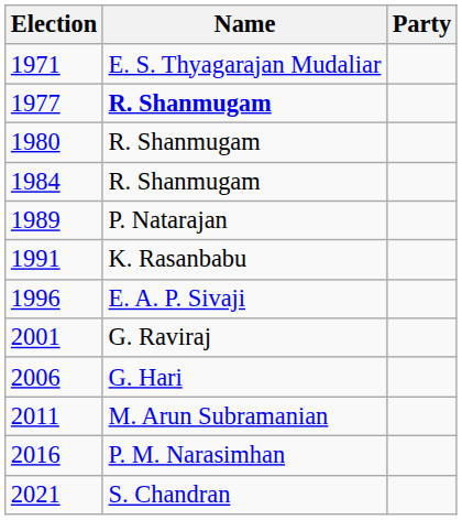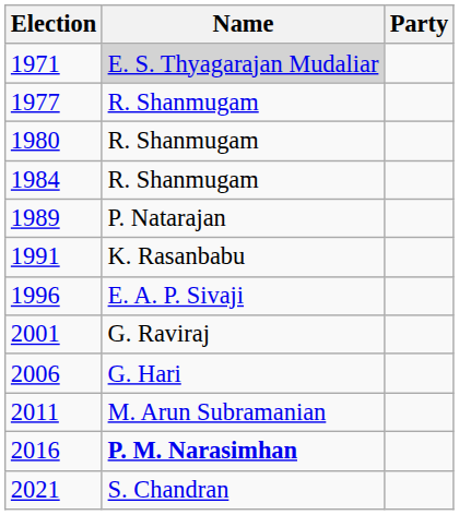 <table class="wikitable sortable">
 <tr>
 <th>Election</th>
 <th>Name</th>
 <th colspan="2">Party</th>
 </tr>
 <tr>
 <td><a href='#'>1971</a></td>
-<td><a href='#'>E. S. Thyagarajan Mudaliar</a></td>
+<td style="background: lightgrey;"><a href='#'>E. S. Thyagarajan Mudaliar</a></td>
 <td></td>
 </tr>
 <tr>
 <td><a href='#'>1977</a></td>
-<td><strong><a href='#'>R. Shanmugam</a></strong></td>
+<td><a href='#'>R. Shanmugam</a></td>
 <td></td>
 </tr>
 <tr>
 <td><a href='#'>1980</a></td>
 <td>R. Shanmugam</td>
 <td></td>
 </tr>
 <tr>
 <td><a href='#'>1984</a></td>
 <td>R. Shanmugam</td>
 <td></td>
 </tr>
 <tr>
 <td><a href='#'>1989</a></td>
 <td>P. Natarajan</td>
 <td></td>
 </tr>
 <tr>
 <td><a href='#'>1991</a></td>
 <td>K. Rasanbabu</td>
 <td></td>
 </tr>
 <tr>
 <td><a href='#'>1996</a></td>
 <td><a href='#'>E. A. P. Sivaji</a></td>
 <td></td>
 </tr>
 <tr>
 <td><a href='#'>2001</a></td>
 <td>G. Raviraj</td>
 <td></td>
 </tr>
 <tr>
 <td><a href='#'>2006</a></td>
 <td><a href='#'>G. Hari</a></td>
 <td></td>
 </tr>
 <tr>
 <td><a href='#'>2011</a></td>
 <td><a href='#'>M. Arun Subramanian</a></td>
 <td></td>
 </tr>
 <tr>
 <td><a href='#'>2016</a></td>
-<td><a href='#'>P. M. Narasimhan</a></td>
+<td><strong><a href='#'>P. M. Narasimhan</a></strong></td>
 <td></td>
 </tr>
 <tr>
 <td><a href='#'>2021</a></td>
 <td><a href='#'>S. Chandran</a></td>
 <td></td>
 </tr>
 </table>
